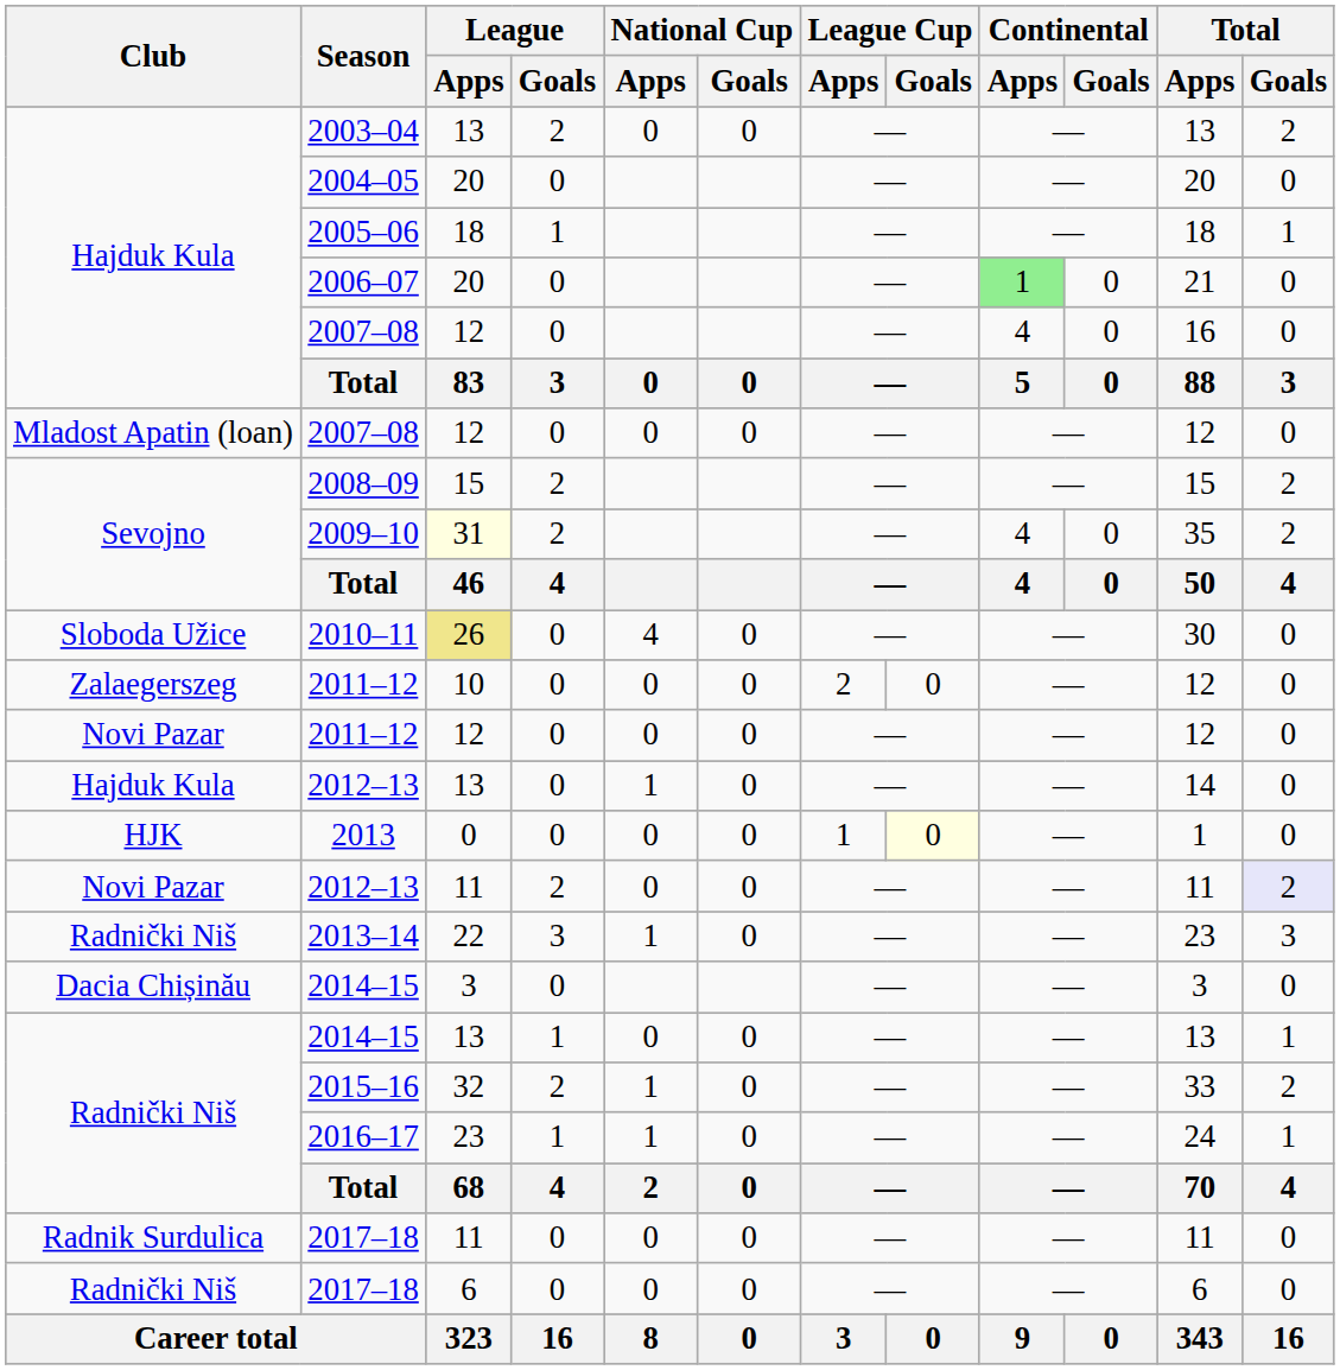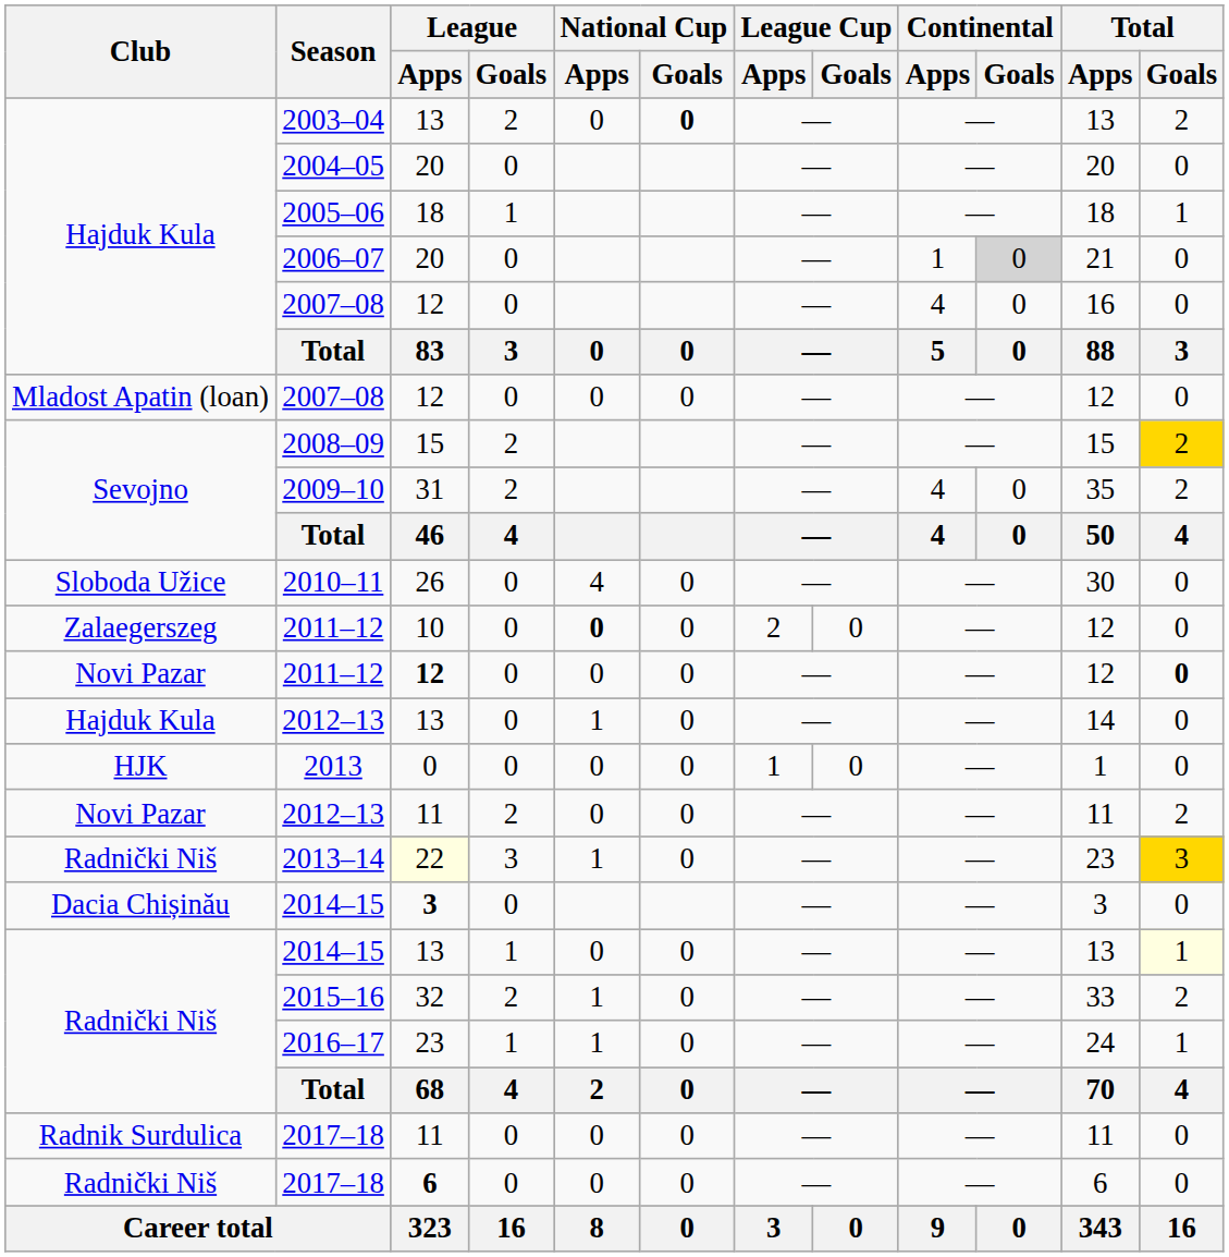 <table class="wikitable" style="text-align:center">
 <tr>
 <th rowspan="2">Club</th>
 <th rowspan="2">Season</th>
 <th colspan="2">League</th>
 <th colspan="2">National Cup</th>
 <th colspan="2">League Cup</th>
 <th colspan="2">Continental</th>
 <th colspan="2">Total</th>
 </tr>
 <tr>
 <th>Apps</th>
 <th>Goals</th>
 <th>Apps</th>
 <th>Goals</th>
 <th>Apps</th>
 <th>Goals</th>
 <th>Apps</th>
 <th>Goals</th>
 <th>Apps</th>
 <th>Goals</th>
 </tr>
 <tr>
 <td rowspan="6"><a href='#'>Hajduk Kula</a></td>
 <td><a href='#'>2003–04</a></td>
 <td>13</td>
 <td>2</td>
 <td>0</td>
-<td>0</td>
+<td><strong>0</strong></td>
 <td colspan="2">—</td>
 <td colspan="2">—</td>
 <td>13</td>
 <td>2</td>
 </tr>
 <tr>
 <td><a href='#'>2004–05</a></td>
 <td>20</td>
 <td>0</td>
 <td></td>
 <td></td>
 <td colspan="2">—</td>
 <td colspan="2">—</td>
 <td>20</td>
 <td>0</td>
 </tr>
 <tr>
 <td><a href='#'>2005–06</a></td>
 <td>18</td>
 <td>1</td>
 <td></td>
 <td></td>
 <td colspan="2">—</td>
 <td colspan="2">—</td>
 <td>18</td>
 <td>1</td>
 </tr>
 <tr>
 <td><a href='#'>2006–07</a></td>
 <td>20</td>
 <td>0</td>
 <td></td>
 <td></td>
 <td colspan="2">—</td>
-<td style="background: lightgreen;">1</td>
-<td>0</td>
+<td>1</td>
+<td style="background: lightgrey;">0</td>
 <td>21</td>
 <td>0</td>
 </tr>
 <tr>
 <td><a href='#'>2007–08</a></td>
 <td>12</td>
 <td>0</td>
 <td></td>
 <td></td>
 <td colspan="2">—</td>
 <td>4</td>
 <td>0</td>
 <td>16</td>
 <td>0</td>
 </tr>
 <tr>
 <th>Total</th>
 <th>83</th>
 <th>3</th>
 <th>0</th>
 <th>0</th>
 <th colspan="2">—</th>
 <th>5</th>
 <th>0</th>
 <th>88</th>
 <th>3</th>
 </tr>
 <tr>
 <td><a href='#'>Mladost Apatin</a> (loan)</td>
 <td><a href='#'>2007–08</a></td>
 <td>12</td>
 <td>0</td>
 <td>0</td>
 <td>0</td>
 <td colspan="2">—</td>
 <td colspan="2">—</td>
 <td>12</td>
 <td>0</td>
 </tr>
 <tr>
 <td rowspan="3"><a href='#'>Sevojno</a></td>
 <td><a href='#'>2008–09</a></td>
 <td>15</td>
 <td>2</td>
 <td></td>
 <td></td>
 <td colspan="2">—</td>
 <td colspan="2">—</td>
 <td>15</td>
-<td>2</td>
+<td style="background: gold;">2</td>
 </tr>
 <tr>
 <td><a href='#'>2009–10</a></td>
-<td style="background: lightyellow;">31</td>
+<td>31</td>
 <td>2</td>
 <td></td>
 <td></td>
 <td colspan="2">—</td>
 <td>4</td>
 <td>0</td>
 <td>35</td>
 <td>2</td>
 </tr>
 <tr>
 <th>Total</th>
 <th>46</th>
 <th>4</th>
 <th></th>
 <th></th>
 <th colspan="2">—</th>
 <th>4</th>
 <th>0</th>
 <th>50</th>
 <th>4</th>
 </tr>
 <tr>
 <td><a href='#'>Sloboda Užice</a></td>
 <td><a href='#'>2010–11</a></td>
-<td style="background: khaki;">26</td>
+<td>26</td>
 <td>0</td>
 <td>4</td>
 <td>0</td>
 <td colspan="2">—</td>
 <td colspan="2">—</td>
 <td>30</td>
 <td>0</td>
 </tr>
 <tr>
 <td><a href='#'>Zalaegerszeg</a></td>
 <td><a href='#'>2011–12</a></td>
 <td>10</td>
 <td>0</td>
-<td>0</td>
+<td><strong>0</strong></td>
 <td>0</td>
 <td>2</td>
 <td>0</td>
 <td colspan="2">—</td>
 <td>12</td>
 <td>0</td>
 </tr>
 <tr>
 <td><a href='#'>Novi Pazar</a></td>
 <td><a href='#'>2011–12</a></td>
-<td>12</td>
+<td><strong>12</strong></td>
 <td>0</td>
 <td>0</td>
 <td>0</td>
 <td colspan="2">—</td>
 <td colspan="2">—</td>
 <td>12</td>
-<td>0</td>
+<td><strong>0</strong></td>
 </tr>
 <tr>
 <td><a href='#'>Hajduk Kula</a></td>
 <td><a href='#'>2012–13</a></td>
 <td>13</td>
 <td>0</td>
 <td>1</td>
 <td>0</td>
 <td colspan="2">—</td>
 <td colspan="2">—</td>
 <td>14</td>
 <td>0</td>
 </tr>
 <tr>
 <td><a href='#'>HJK</a></td>
 <td><a href='#'>2013</a></td>
 <td>0</td>
 <td>0</td>
 <td>0</td>
 <td>0</td>
 <td>1</td>
-<td style="background: lightyellow;">0</td>
+<td>0</td>
 <td colspan="2">—</td>
 <td>1</td>
 <td>0</td>
 </tr>
 <tr>
 <td><a href='#'>Novi Pazar</a></td>
 <td><a href='#'>2012–13</a></td>
 <td>11</td>
 <td>2</td>
 <td>0</td>
 <td>0</td>
 <td colspan="2">—</td>
 <td colspan="2">—</td>
 <td>11</td>
-<td style="background: lavender;">2</td>
+<td>2</td>
 </tr>
 <tr>
 <td><a href='#'>Radnički Niš</a></td>
 <td><a href='#'>2013–14</a></td>
-<td>22</td>
+<td style="background: lightyellow;">22</td>
 <td>3</td>
 <td>1</td>
 <td>0</td>
 <td colspan="2">—</td>
 <td colspan="2">—</td>
 <td>23</td>
-<td>3</td>
+<td style="background: gold;">3</td>
 </tr>
 <tr>
 <td><a href='#'>Dacia Chișinău</a></td>
 <td><a href='#'>2014–15</a></td>
-<td>3</td>
+<td><strong>3</strong></td>
 <td>0</td>
 <td></td>
 <td></td>
 <td colspan="2">—</td>
 <td colspan="2">—</td>
 <td>3</td>
 <td>0</td>
 </tr>
 <tr>
 <td rowspan="4"><a href='#'>Radnički Niš</a></td>
 <td><a href='#'>2014–15</a></td>
 <td>13</td>
 <td>1</td>
 <td>0</td>
 <td>0</td>
 <td colspan="2">—</td>
 <td colspan="2">—</td>
 <td>13</td>
-<td>1</td>
+<td style="background: lightyellow;">1</td>
 </tr>
 <tr>
 <td><a href='#'>2015–16</a></td>
 <td>32</td>
 <td>2</td>
 <td>1</td>
 <td>0</td>
 <td colspan="2">—</td>
 <td colspan="2">—</td>
 <td>33</td>
 <td>2</td>
 </tr>
 <tr>
 <td><a href='#'>2016–17</a></td>
 <td>23</td>
 <td>1</td>
 <td>1</td>
 <td>0</td>
 <td colspan="2">—</td>
 <td colspan="2">—</td>
 <td>24</td>
 <td>1</td>
 </tr>
 <tr>
 <th>Total</th>
 <th>68</th>
 <th>4</th>
 <th>2</th>
 <th>0</th>
 <th colspan="2">—</th>
 <th colspan="2">—</th>
 <th>70</th>
 <th>4</th>
 </tr>
 <tr>
 <td><a href='#'>Radnik Surdulica</a></td>
 <td><a href='#'>2017–18</a></td>
 <td>11</td>
 <td>0</td>
 <td>0</td>
 <td>0</td>
 <td colspan="2">—</td>
 <td colspan="2">—</td>
 <td>11</td>
 <td>0</td>
 </tr>
 <tr>
 <td><a href='#'>Radnički Niš</a></td>
 <td><a href='#'>2017–18</a></td>
-<td>6</td>
+<td><strong>6</strong></td>
 <td>0</td>
 <td>0</td>
 <td>0</td>
 <td colspan="2">—</td>
 <td colspan="2">—</td>
 <td>6</td>
 <td>0</td>
 </tr>
 <tr>
 <th colspan="2">Career total</th>
 <th>323</th>
 <th>16</th>
 <th>8</th>
 <th>0</th>
 <th>3</th>
 <th>0</th>
 <th>9</th>
 <th>0</th>
 <th>343</th>
 <th>16</th>
 </tr>
 </table>
